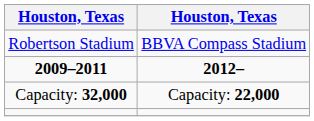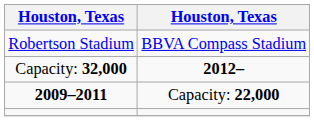 <table class="wikitable" style="text-align:center">
 <tr>
 <th><a href='#'>Houston, Texas</a></th>
 <th><a href='#'>Houston, Texas</a></th>
 </tr>
 <tr>
 <td><a href='#'>Robertson Stadium</a></td>
 <td><a href='#'>BBVA Compass Stadium</a></td>
 </tr>
 <tr>
-<td><strong>2009–2011</strong></td>
+<td>Capacity: <strong>32,000</strong></td>
 <td><strong>2012–  </strong></td>
 </tr>
 <tr>
-<td>Capacity: <strong>32,000</strong></td>
+<td><strong>2009–2011</strong></td>
 <td>Capacity: <strong>22,000</strong></td>
 </tr>
 <tr>
 <td></td>
 <td></td>
 </tr>
 <tr>
 </tr>
 </table>
